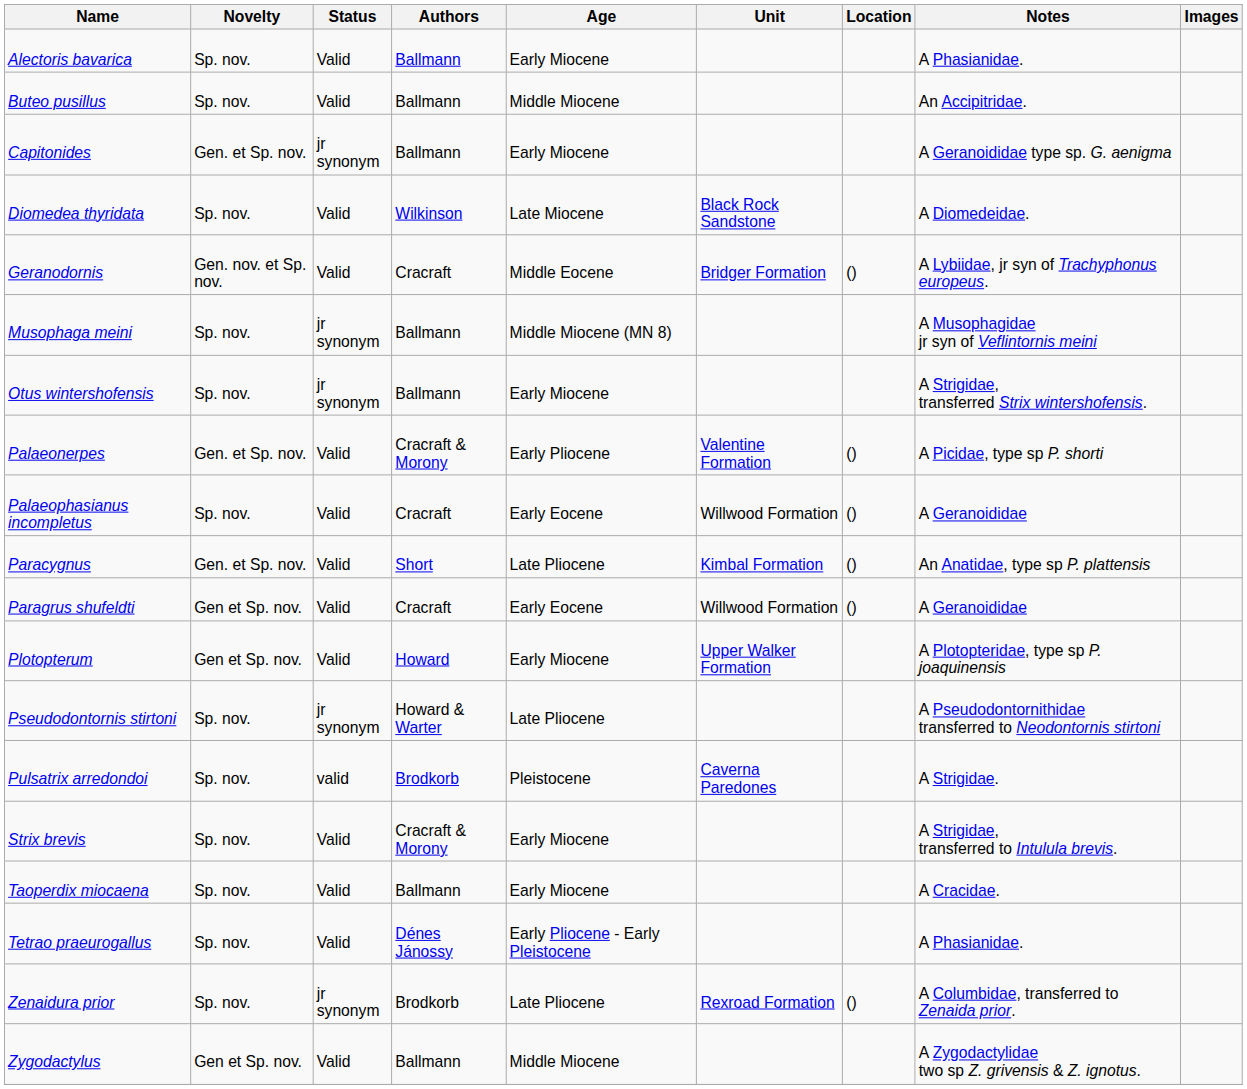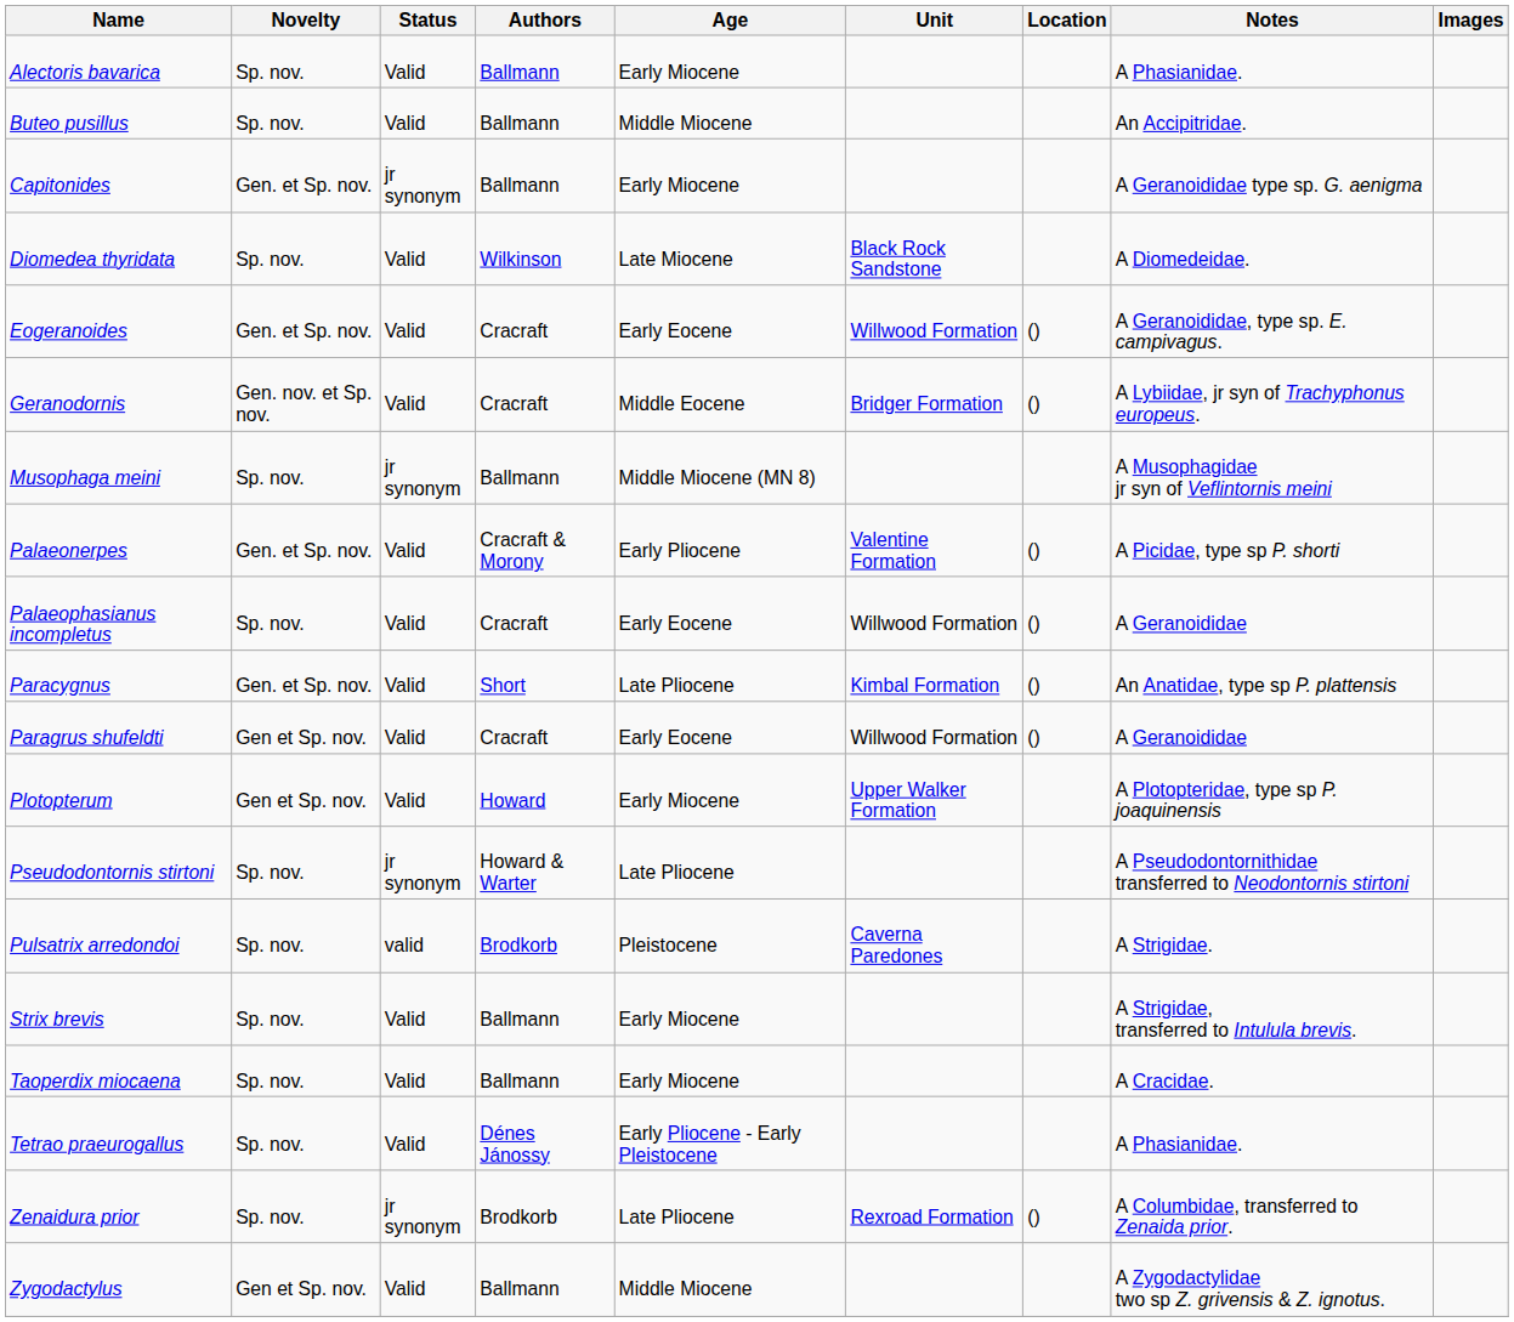 <table class="wikitable sortable" align="center" width="100%">
 <tr>
 <th>Name</th>
 <th>Novelty</th>
 <th>Status</th>
 <th>Authors</th>
 <th>Age</th>
 <th>Unit</th>
 <th>Location</th>
 <th>Notes</th>
 <th>Images</th>
 </tr>
 <tr>
 <td><br><em><a href='#'>Alectoris bavarica</a></em> </td>
 <td><br>Sp. nov.</td>
 <td><br>Valid</td>
 <td><br><a href='#'>Ballmann</a></td>
 <td><br>Early Miocene</td>
 <td></td>
 <td><br></td>
 <td><br>A <a href='#'>Phasianidae</a>.</td>
 <td></td>
 </tr>
 <tr>
 <td><br><em><a href='#'>Buteo pusillus</a></em> </td>
 <td><br>Sp. nov.</td>
 <td><br>Valid</td>
 <td><br>Ballmann</td>
 <td><br>Middle Miocene</td>
 <td></td>
 <td><br></td>
 <td><br>An <a href='#'>Accipitridae</a>.</td>
 <td></td>
 </tr>
 <tr>
 <td><br><em><a href='#'>Capitonides</a></em> </td>
 <td><br>Gen. et Sp. nov.</td>
 <td><br>jr synonym</td>
 <td><br>Ballmann</td>
 <td><br>Early Miocene</td>
 <td></td>
 <td><br></td>
 <td><br>A <a href='#'>Geranoididae</a> type sp. <em>G. aenigma</em></td>
 <td></td>
 </tr>
 <tr>
 <td><br><em><a href='#'>Diomedea thyridata</a></em> </td>
 <td><br>Sp. nov.</td>
 <td><br>Valid</td>
 <td><br><a href='#'>Wilkinson</a></td>
 <td><br>Late Miocene</td>
 <td><br><a href='#'>Black Rock Sandstone</a></td>
 <td><br></td>
 <td><br>A <a href='#'>Diomedeidae</a>.</td>
 <td></td>
 </tr>
 <tr>
+<td><br><em><a href='#'>Eogeranoides</a></em> </td>
+<td><br>Gen. et Sp. nov.</td>
+<td><br>Valid</td>
+<td><br>Cracraft</td>
+<td><br>Early Eocene</td>
+<td><br><a href='#'>Willwood Formation</a></td>
+<td><br> ()</td>
+<td><br>A <a href='#'>Geranoididae</a>, type sp. <em>E. campivagus</em>.</td>
+<td></td>
+</tr>
+<tr>
 <td><br><em><a href='#'>Geranodornis</a></em> </td>
 <td><br>Gen. nov. et Sp. nov.</td>
 <td><br>Valid</td>
 <td><br>Cracraft</td>
 <td><br>Middle Eocene</td>
 <td><br><a href='#'>Bridger Formation</a></td>
 <td><br> ()</td>
 <td><br>A <a href='#'>Lybiidae</a>, jr syn of  <em><a href='#'>Trachyphonus europeus</a></em>.</td>
 <td></td>
 </tr>
 <tr>
 <td><br><em><a href='#'>Musophaga meini</a></em> </td>
 <td><br>Sp. nov.</td>
 <td><br>jr synonym</td>
 <td><br>Ballmann</td>
 <td><br>Middle Miocene (MN 8)</td>
 <td></td>
 <td><br></td>
 <td><br>A <a href='#'>Musophagidae</a> <br> jr syn of <em><a href='#'>Veflintornis meini</a></em></td>
-<td></td>
-</tr>
-<tr>
-<td><br><em><a href='#'>Otus wintershofensis</a></em> </td>
-<td><br>Sp. nov.</td>
-<td><br>jr synonym</td>
-<td><br>Ballmann</td>
-<td><br>Early Miocene</td>
-<td></td>
-<td><br></td>
-<td><br>A <a href='#'>Strigidae</a>, <br>transferred <em><a href='#'>Strix wintershofensis</a></em>.</td>
 <td></td>
 </tr>
 <tr>
 <td><br><em><a href='#'>Palaeonerpes</a></em> </td>
 <td><br>Gen. et Sp. nov.</td>
 <td><br>Valid</td>
 <td><br>Cracraft & <a href='#'>Morony</a></td>
 <td><br>Early Pliocene</td>
 <td><br><a href='#'>Valentine Formation</a></td>
 <td><br> ()</td>
 <td><br>A <a href='#'>Picidae</a>, type sp <em>P. shorti</em></td>
 <td></td>
 </tr>
 <tr>
 <td><br><em><a href='#'>Palaeophasianus incompletus</a></em> </td>
 <td><br>Sp. nov.</td>
 <td><br>Valid</td>
 <td><br>Cracraft</td>
 <td><br>Early Eocene</td>
 <td><br>Willwood Formation</td>
 <td><br> ()</td>
 <td><br>A <a href='#'>Geranoididae</a></td>
 <td></td>
 </tr>
 <tr>
 <td><br><em><a href='#'>Paracygnus</a></em> </td>
 <td><br>Gen. et Sp. nov.</td>
 <td><br>Valid</td>
 <td><br><a href='#'>Short</a></td>
 <td><br>Late Pliocene</td>
 <td><br><a href='#'>Kimbal Formation</a></td>
 <td><br> ()</td>
 <td><br>An <a href='#'>Anatidae</a>, type sp <em>P. plattensis</em></td>
 <td></td>
 </tr>
 <tr>
 <td><br><em><a href='#'>Paragrus shufeldti</a></em> </td>
 <td><br>Gen et Sp. nov.</td>
 <td><br>Valid</td>
 <td><br>Cracraft</td>
 <td><br>Early Eocene</td>
 <td><br>Willwood Formation</td>
 <td><br> ()</td>
 <td><br>A <a href='#'>Geranoididae</a></td>
 <td></td>
 </tr>
 <tr>
 <td><br><em><a href='#'>Plotopterum</a></em> </td>
 <td><br>Gen et Sp. nov.</td>
 <td><br>Valid</td>
 <td><br><a href='#'>Howard</a></td>
 <td><br>Early Miocene</td>
 <td><br><a href='#'>Upper Walker Formation</a></td>
 <td><br><br></td>
 <td><br>A <a href='#'>Plotopteridae</a>, type sp <em>P. joaquinensis</em></td>
 <td><br></td>
 </tr>
 <tr>
 <td><br><em><a href='#'>Pseudodontornis stirtoni</a></em> </td>
 <td><br>Sp. nov.</td>
 <td><br>jr synonym</td>
 <td><br>Howard & <a href='#'>Warter</a></td>
 <td><br>Late Pliocene</td>
 <td></td>
 <td><br></td>
 <td><br>A <a href='#'>Pseudodontornithidae</a> <br>transferred to <em><a href='#'>Neodontornis stirtoni</a></em></td>
 <td></td>
 </tr>
 <tr>
 <td><br><em><a href='#'>Pulsatrix arredondoi</a></em> </td>
 <td><br>Sp. nov.</td>
 <td><br>valid</td>
 <td><br><a href='#'>Brodkorb</a></td>
 <td><br>Pleistocene</td>
 <td><br><a href='#'>Caverna Paredones</a></td>
 <td><br></td>
 <td><br>A <a href='#'>Strigidae</a>.</td>
 <td></td>
 </tr>
 <tr>
 <td><br><em><a href='#'>Strix brevis</a></em> </td>
 <td><br>Sp. nov.</td>
 <td><br>Valid</td>
-<td><br>Cracraft & <a href='#'>Morony</a></td>
+<td><br>Ballmann</td>
 <td><br>Early Miocene</td>
 <td></td>
 <td><br></td>
 <td><br>A <a href='#'>Strigidae</a>,<br> transferred to <em><a href='#'>Intulula brevis</a></em>.</td>
 <td></td>
 </tr>
 <tr>
 <td><br><em><a href='#'>Taoperdix miocaena</a></em> </td>
 <td><br>Sp. nov.</td>
 <td><br>Valid</td>
 <td><br>Ballmann</td>
 <td><br>Early Miocene</td>
 <td></td>
 <td><br></td>
 <td><br>A <a href='#'>Cracidae</a>.</td>
 <td></td>
 </tr>
 <tr>
 <td><br><em><a href='#'>Tetrao praeurogallus</a></em> </td>
 <td><br>Sp. nov.</td>
 <td><br>Valid</td>
 <td><br><a href='#'>Dénes Jánossy</a></td>
 <td><br>Early <a href='#'>Pliocene</a> - Early <a href='#'>Pleistocene</a></td>
 <td></td>
 <td><br></td>
 <td><br>A <a href='#'>Phasianidae</a>.</td>
 <td></td>
 </tr>
 <tr>
 <td><br><em><a href='#'>Zenaidura prior</a></em> </td>
 <td><br>Sp. nov.</td>
 <td><br>jr synonym</td>
 <td><br>Brodkorb</td>
 <td><br>Late Pliocene</td>
 <td><br><a href='#'>Rexroad Formation</a></td>
 <td><br> ()</td>
 <td><br>A <a href='#'>Columbidae</a>, transferred to <em><a href='#'>Zenaida prior</a></em>.</td>
 <td></td>
 </tr>
 <tr>
 <td><br><em><a href='#'>Zygodactylus</a></em> </td>
 <td><br>Gen et Sp. nov.</td>
 <td><br>Valid</td>
 <td><br>Ballmann</td>
 <td><br>Middle Miocene</td>
 <td></td>
 <td><br> </td>
 <td><br>A <a href='#'>Zygodactylidae</a> <br>two sp <em>Z. grivensis</em> & <em>Z. ignotus</em>.</td>
 <td></td>
 </tr>
 <tr>
 </tr>
 </table>
